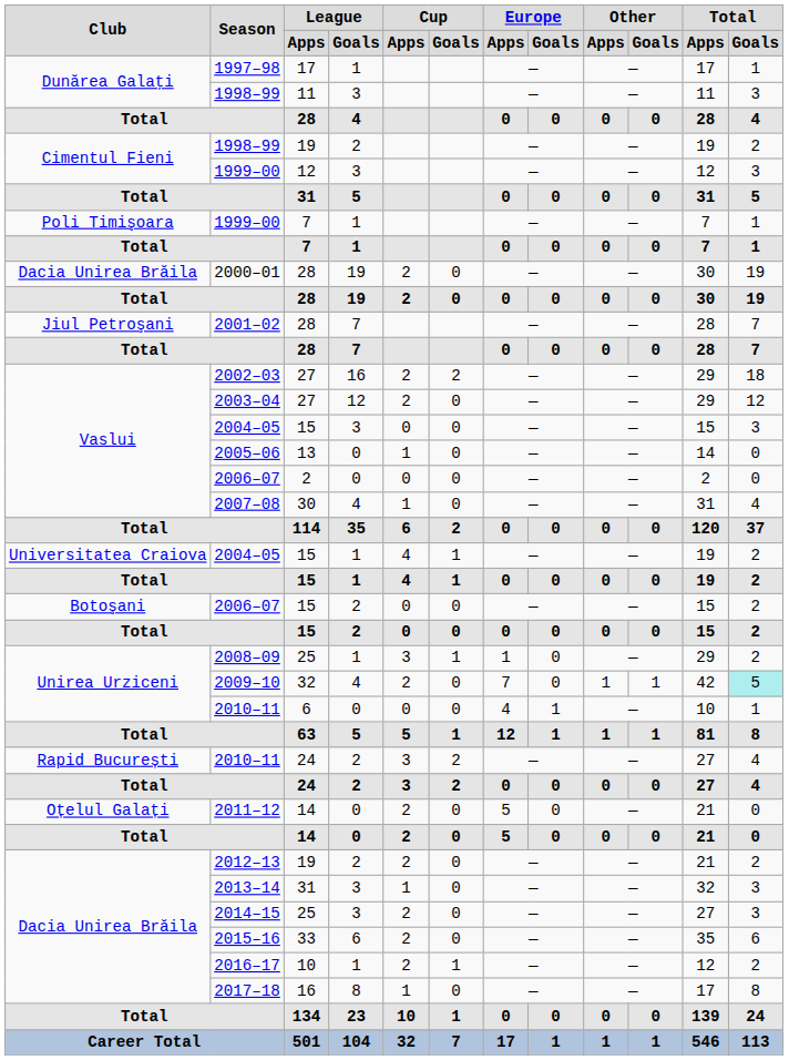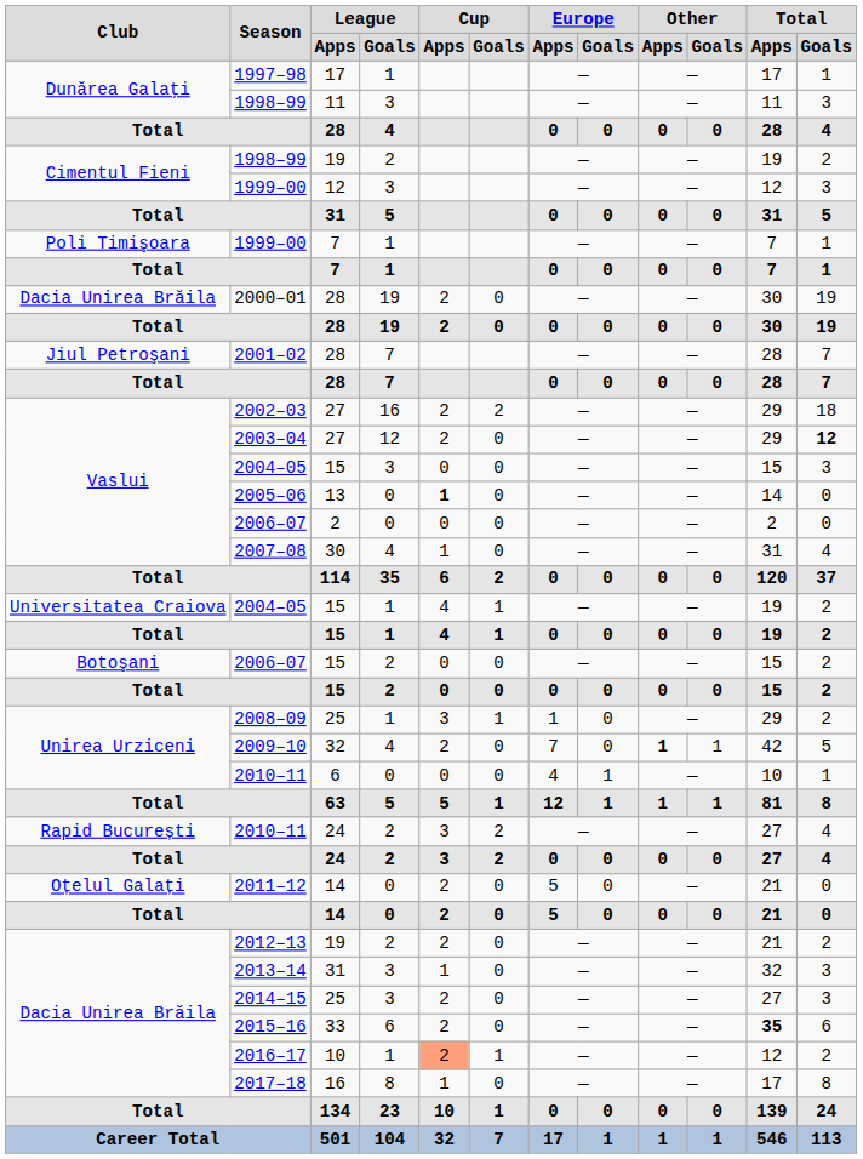 <table class="wikitable" style="text-align: center;">
 <tr>
 <th style="background: #DCDCDC; text-align: center" rowspan="2"><strong>Club</strong></th>
 <th style="background: #DCDCDC; text-align: center" rowspan="2"><strong>Season</strong></th>
 <th style="background: #DCDCDC; text-align: center" colspan="2"><strong>League</strong></th>
 <th style="background: #DCDCDC; text-align: center" colspan="2"><strong>Cup</strong></th>
 <th style="background: #DCDCDC; text-align: center" colspan="2"><a href='#'>Europe</a></th>
 <th style="background: #DCDCDC; text-align: center" colspan="2"><strong>Other</strong></th>
 <th style="background: #DCDCDC; text-align: center" colspan="3"><strong>Total</strong></th>
 </tr>
 <tr>
 <th style="background:#dcdcdc; text-align:center;">Apps</th>
 <th style="background:#dcdcdc; text-align:center;">Goals</th>
 <th style="background:#dcdcdc; text-align:center;">Apps</th>
 <th style="background:#dcdcdc; text-align:center;">Goals</th>
 <th style="background:#dcdcdc; text-align:center;">Apps</th>
 <th style="background:#dcdcdc; text-align:center;">Goals</th>
 <th style="background:#dcdcdc; text-align:center;">Apps</th>
 <th style="background:#dcdcdc; text-align:center;">Goals</th>
 <th style="background:#dcdcdc; text-align:center;">Apps</th>
 <th style="background:#dcdcdc; text-align:center;">Goals</th>
 </tr>
 <tr>
 <td rowspan="2"><a href='#'>Dunărea Galaţi</a></td>
 <td><a href='#'>1997–98</a></td>
 <td>17</td>
 <td>1</td>
 <td></td>
 <td></td>
 <td colspan="2">—</td>
 <td colspan="2">—</td>
 <td>17</td>
 <td>1</td>
 </tr>
 <tr>
 <td><a href='#'>1998–99</a></td>
 <td>11</td>
 <td>3</td>
 <td></td>
 <td></td>
 <td colspan="2">—</td>
 <td colspan="2">—</td>
 <td>11</td>
 <td>3</td>
 </tr>
 <tr>
 <th style="background: #E5E5E5; text-align: center" colspan="2">Total</th>
 <th style="background:#e5e5e5; text-align:center;">28</th>
 <th style="background:#e5e5e5; text-align:center;">4</th>
 <th style="background:#e5e5e5; text-align:center;"></th>
 <th style="background:#e5e5e5; text-align:center;"></th>
 <th style="background:#e5e5e5; text-align:center;">0</th>
 <th style="background:#e5e5e5; text-align:center;">0</th>
 <th style="background:#e5e5e5; text-align:center;">0</th>
 <th style="background:#e5e5e5; text-align:center;">0</th>
 <th style="background:#e5e5e5; text-align:center;">28</th>
 <th style="background:#e5e5e5; text-align:center;">4</th>
 </tr>
 <tr>
 <td rowspan="2"><a href='#'>Cimentul Fieni</a></td>
 <td><a href='#'>1998–99</a></td>
 <td>19</td>
 <td>2</td>
 <td></td>
 <td></td>
 <td colspan="2">—</td>
 <td colspan="2">—</td>
 <td>19</td>
 <td>2</td>
 </tr>
 <tr>
 <td><a href='#'>1999–00</a></td>
 <td>12</td>
 <td>3</td>
 <td></td>
 <td></td>
 <td colspan="2">—</td>
 <td colspan="2">—</td>
 <td>12</td>
 <td>3</td>
 </tr>
 <tr>
 <th style="background: #E5E5E5; text-align: center" colspan="2">Total</th>
 <th style="background:#e5e5e5; text-align:center;">31</th>
 <th style="background:#e5e5e5; text-align:center;">5</th>
 <th style="background:#e5e5e5; text-align:center;"></th>
 <th style="background:#e5e5e5; text-align:center;"></th>
 <th style="background:#e5e5e5; text-align:center;">0</th>
 <th style="background:#e5e5e5; text-align:center;">0</th>
 <th style="background:#e5e5e5; text-align:center;">0</th>
 <th style="background:#e5e5e5; text-align:center;">0</th>
 <th style="background:#e5e5e5; text-align:center;">31</th>
 <th style="background:#e5e5e5; text-align:center;">5</th>
 </tr>
 <tr>
 <td rowspan="1"><a href='#'>Poli Timişoara</a></td>
 <td><a href='#'>1999–00</a></td>
 <td>7</td>
 <td>1</td>
 <td></td>
 <td></td>
 <td colspan="2">—</td>
 <td colspan="2">—</td>
 <td>7</td>
 <td>1</td>
 </tr>
 <tr>
 <th style="background: #E5E5E5; text-align: center" colspan="2">Total</th>
 <th style="background:#e5e5e5; text-align:center;">7</th>
 <th style="background:#e5e5e5; text-align:center;">1</th>
 <th style="background:#e5e5e5; text-align:center;"></th>
 <th style="background:#e5e5e5; text-align:center;"></th>
 <th style="background:#e5e5e5; text-align:center;">0</th>
 <th style="background:#e5e5e5; text-align:center;">0</th>
 <th style="background:#e5e5e5; text-align:center;">0</th>
 <th style="background:#e5e5e5; text-align:center;">0</th>
 <th style="background:#e5e5e5; text-align:center;">7</th>
 <th style="background:#e5e5e5; text-align:center;">1</th>
 </tr>
 <tr>
 <td rowspan="1"><a href='#'>Dacia Unirea Brăila</a></td>
 <td>2000–01</td>
 <td>28</td>
 <td>19</td>
 <td>2</td>
 <td>0</td>
 <td colspan="2">—</td>
 <td colspan="2">—</td>
 <td>30</td>
 <td>19</td>
 </tr>
 <tr>
 <th style="background: #E5E5E5; text-align: center" colspan="2">Total</th>
 <th style="background:#e5e5e5; text-align:center;">28</th>
 <th style="background:#e5e5e5; text-align:center;">19</th>
 <th style="background:#e5e5e5; text-align:center;">2</th>
 <th style="background:#e5e5e5; text-align:center;">0</th>
 <th style="background:#e5e5e5; text-align:center;">0</th>
 <th style="background:#e5e5e5; text-align:center;">0</th>
 <th style="background:#e5e5e5; text-align:center;">0</th>
 <th style="background:#e5e5e5; text-align:center;">0</th>
 <th style="background:#e5e5e5; text-align:center;">30</th>
 <th style="background:#e5e5e5; text-align:center;">19</th>
 </tr>
 <tr>
 <td rowspan="1"><a href='#'>Jiul Petroşani</a></td>
 <td><a href='#'>2001–02</a></td>
 <td>28</td>
 <td>7</td>
 <td></td>
 <td></td>
 <td colspan="2">—</td>
 <td colspan="2">—</td>
 <td>28</td>
 <td>7</td>
 </tr>
 <tr>
 <th style="background: #E5E5E5; text-align: center" colspan="2">Total</th>
 <th style="background:#e5e5e5; text-align:center;">28</th>
 <th style="background:#e5e5e5; text-align:center;">7</th>
 <th style="background:#e5e5e5; text-align:center;"></th>
 <th style="background:#e5e5e5; text-align:center;"></th>
 <th style="background:#e5e5e5; text-align:center;">0</th>
 <th style="background:#e5e5e5; text-align:center;">0</th>
 <th style="background:#e5e5e5; text-align:center;">0</th>
 <th style="background:#e5e5e5; text-align:center;">0</th>
 <th style="background:#e5e5e5; text-align:center;">28</th>
 <th style="background:#e5e5e5; text-align:center;">7</th>
 </tr>
 <tr>
 <td rowspan="6"><a href='#'>Vaslui</a></td>
 <td><a href='#'>2002–03</a></td>
 <td>27</td>
 <td>16</td>
 <td>2</td>
 <td>2</td>
 <td colspan="2">—</td>
 <td colspan="2">—</td>
 <td>29</td>
 <td>18</td>
 </tr>
 <tr>
 <td><a href='#'>2003–04</a></td>
 <td>27</td>
 <td>12</td>
 <td>2</td>
 <td>0</td>
 <td colspan="2">—</td>
 <td colspan="2">—</td>
 <td>29</td>
-<td>12</td>
+<td><strong>12</strong></td>
 </tr>
 <tr>
 <td><a href='#'>2004–05</a></td>
 <td>15</td>
 <td>3</td>
 <td>0</td>
 <td>0</td>
 <td colspan="2">—</td>
 <td colspan="2">—</td>
 <td>15</td>
 <td>3</td>
 </tr>
 <tr>
 <td><a href='#'>2005–06</a></td>
 <td>13</td>
 <td>0</td>
-<td>1</td>
+<td><strong>1</strong></td>
 <td>0</td>
 <td colspan="2">—</td>
 <td colspan="2">—</td>
 <td>14</td>
 <td>0</td>
 </tr>
 <tr>
 <td><a href='#'>2006–07</a></td>
 <td>2</td>
 <td>0</td>
 <td>0</td>
 <td>0</td>
 <td colspan="2">—</td>
 <td colspan="2">—</td>
 <td>2</td>
 <td>0</td>
 </tr>
 <tr>
 <td><a href='#'>2007–08</a></td>
 <td>30</td>
 <td>4</td>
 <td>1</td>
 <td>0</td>
 <td colspan="2">—</td>
 <td colspan="2">—</td>
 <td>31</td>
 <td>4</td>
 </tr>
 <tr>
 <th style="background: #E5E5E5; text-align: center" colspan="2">Total</th>
 <th style="background:#e5e5e5; text-align:center;">114</th>
 <th style="background:#e5e5e5; text-align:center;">35</th>
 <th style="background:#e5e5e5; text-align:center;">6</th>
 <th style="background:#e5e5e5; text-align:center;">2</th>
 <th style="background:#e5e5e5; text-align:center;">0</th>
 <th style="background:#e5e5e5; text-align:center;">0</th>
 <th style="background:#e5e5e5; text-align:center;">0</th>
 <th style="background:#e5e5e5; text-align:center;">0</th>
 <th style="background:#e5e5e5; text-align:center;">120</th>
 <th style="background:#e5e5e5; text-align:center;">37</th>
 </tr>
 <tr>
 <td rowspan="1"><a href='#'>Universitatea Craiova</a></td>
 <td><a href='#'>2004–05</a></td>
 <td>15</td>
 <td>1</td>
 <td>4</td>
 <td>1</td>
 <td colspan="2">—</td>
 <td colspan="2">—</td>
 <td>19</td>
 <td>2</td>
 </tr>
 <tr>
 <th style="background: #E5E5E5; text-align: center" colspan="2">Total</th>
 <th style="background:#e5e5e5; text-align:center;">15</th>
 <th style="background:#e5e5e5; text-align:center;">1</th>
 <th style="background:#e5e5e5; text-align:center;">4</th>
 <th style="background:#e5e5e5; text-align:center;">1</th>
 <th style="background:#e5e5e5; text-align:center;">0</th>
 <th style="background:#e5e5e5; text-align:center;">0</th>
 <th style="background:#e5e5e5; text-align:center;">0</th>
 <th style="background:#e5e5e5; text-align:center;">0</th>
 <th style="background:#e5e5e5; text-align:center;">19</th>
 <th style="background:#e5e5e5; text-align:center;">2</th>
 </tr>
 <tr>
 <td rowspan="1"><a href='#'>Botoşani</a></td>
 <td><a href='#'>2006–07</a></td>
 <td>15</td>
 <td>2</td>
 <td>0</td>
 <td>0</td>
 <td colspan="2">—</td>
 <td colspan="2">—</td>
 <td>15</td>
 <td>2</td>
 </tr>
 <tr>
 <th style="background: #E5E5E5; text-align: center" colspan="2">Total</th>
 <th style="background:#e5e5e5; text-align:center;">15</th>
 <th style="background:#e5e5e5; text-align:center;">2</th>
 <th style="background:#e5e5e5; text-align:center;">0</th>
 <th style="background:#e5e5e5; text-align:center;">0</th>
 <th style="background:#e5e5e5; text-align:center;">0</th>
 <th style="background:#e5e5e5; text-align:center;">0</th>
 <th style="background:#e5e5e5; text-align:center;">0</th>
 <th style="background:#e5e5e5; text-align:center;">0</th>
 <th style="background:#e5e5e5; text-align:center;">15</th>
 <th style="background:#e5e5e5; text-align:center;">2</th>
 </tr>
 <tr>
 <td rowspan="3"><a href='#'>Unirea Urziceni</a></td>
 <td><a href='#'>2008–09</a></td>
 <td>25</td>
 <td>1</td>
 <td>3</td>
 <td>1</td>
 <td>1</td>
 <td>0</td>
 <td colspan="2">—</td>
 <td>29</td>
 <td>2</td>
 </tr>
 <tr>
 <td><a href='#'>2009–10</a></td>
 <td>32</td>
 <td>4</td>
 <td>2</td>
 <td>0</td>
 <td>7</td>
 <td>0</td>
-<td>1</td>
+<td><strong>1</strong></td>
 <td>1</td>
 <td>42</td>
-<td style="background: paleturquoise;">5</td>
+<td>5</td>
 </tr>
 <tr>
 <td><a href='#'>2010–11</a></td>
 <td>6</td>
 <td>0</td>
 <td>0</td>
 <td>0</td>
 <td>4</td>
 <td>1</td>
 <td colspan="2">—</td>
 <td>10</td>
 <td>1</td>
 </tr>
 <tr>
 <th style="background: #E5E5E5; text-align: center" colspan="2">Total</th>
 <th style="background:#e5e5e5; text-align:center;">63</th>
 <th style="background:#e5e5e5; text-align:center;">5</th>
 <th style="background:#e5e5e5; text-align:center;">5</th>
 <th style="background:#e5e5e5; text-align:center;">1</th>
 <th style="background:#e5e5e5; text-align:center;">12</th>
 <th style="background:#e5e5e5; text-align:center;">1</th>
 <th style="background:#e5e5e5; text-align:center;">1</th>
 <th style="background:#e5e5e5; text-align:center;">1</th>
 <th style="background:#e5e5e5; text-align:center;">81</th>
 <th style="background:#e5e5e5; text-align:center;">8</th>
 </tr>
 <tr>
 <td rowspan="1"><a href='#'>Rapid București</a></td>
 <td><a href='#'>2010–11</a></td>
 <td>24</td>
 <td>2</td>
 <td>3</td>
 <td>2</td>
 <td colspan="2">—</td>
 <td colspan="2">—</td>
 <td>27</td>
 <td>4</td>
 </tr>
 <tr>
 <th style="background: #E5E5E5; text-align: center" colspan="2">Total</th>
 <th style="background:#e5e5e5; text-align:center;">24</th>
 <th style="background:#e5e5e5; text-align:center;">2</th>
 <th style="background:#e5e5e5; text-align:center;">3</th>
 <th style="background:#e5e5e5; text-align:center;">2</th>
 <th style="background:#e5e5e5; text-align:center;">0</th>
 <th style="background:#e5e5e5; text-align:center;">0</th>
 <th style="background:#e5e5e5; text-align:center;">0</th>
 <th style="background:#e5e5e5; text-align:center;">0</th>
 <th style="background:#e5e5e5; text-align:center;">27</th>
 <th style="background:#e5e5e5; text-align:center;">4</th>
 </tr>
 <tr>
 <td rowspan="1"><a href='#'>Oțelul Galați</a></td>
 <td><a href='#'>2011–12</a></td>
 <td>14</td>
 <td>0</td>
 <td>2</td>
 <td>0</td>
 <td>5</td>
 <td>0</td>
 <td colspan="2">—</td>
 <td>21</td>
 <td>0</td>
 </tr>
 <tr>
 <th style="background: #E5E5E5; text-align: center" colspan="2">Total</th>
 <th style="background:#e5e5e5; text-align:center;">14</th>
 <th style="background:#e5e5e5; text-align:center;">0</th>
 <th style="background:#e5e5e5; text-align:center;">2</th>
 <th style="background:#e5e5e5; text-align:center;">0</th>
 <th style="background:#e5e5e5; text-align:center;">5</th>
 <th style="background:#e5e5e5; text-align:center;">0</th>
 <th style="background:#e5e5e5; text-align:center;">0</th>
 <th style="background:#e5e5e5; text-align:center;">0</th>
 <th style="background:#e5e5e5; text-align:center;">21</th>
 <th style="background:#e5e5e5; text-align:center;">0</th>
 </tr>
 <tr>
 <td rowspan="6"><a href='#'>Dacia Unirea Brăila</a></td>
 <td><a href='#'>2012–13</a></td>
 <td>19</td>
 <td>2</td>
 <td>2</td>
 <td>0</td>
 <td colspan="2">—</td>
 <td colspan="2">—</td>
 <td>21</td>
 <td>2</td>
 </tr>
 <tr>
 <td><a href='#'>2013–14</a></td>
 <td>31</td>
 <td>3</td>
 <td>1</td>
 <td>0</td>
 <td colspan="2">—</td>
 <td colspan="2">—</td>
 <td>32</td>
 <td>3</td>
 </tr>
 <tr>
 <td><a href='#'>2014–15</a></td>
 <td>25</td>
 <td>3</td>
 <td>2</td>
 <td>0</td>
 <td colspan="2">—</td>
 <td colspan="2">—</td>
 <td>27</td>
 <td>3</td>
 </tr>
 <tr>
 <td><a href='#'>2015–16</a></td>
 <td>33</td>
 <td>6</td>
 <td>2</td>
 <td>0</td>
 <td colspan="2">—</td>
 <td colspan="2">—</td>
-<td>35</td>
+<td><strong>35</strong></td>
 <td>6</td>
 </tr>
 <tr>
 <td><a href='#'>2016–17</a></td>
 <td>10</td>
 <td>1</td>
-<td>2</td>
+<td style="background: lightsalmon;">2</td>
 <td>1</td>
 <td colspan="2">—</td>
 <td colspan="2">—</td>
 <td>12</td>
 <td>2</td>
 </tr>
 <tr>
 <td><a href='#'>2017–18</a></td>
 <td>16</td>
 <td>8</td>
 <td>1</td>
 <td>0</td>
 <td colspan="2">—</td>
 <td colspan="2">—</td>
 <td>17</td>
 <td>8</td>
 </tr>
 <tr>
 <th style="background: #E5E5E5; text-align: center" colspan="2">Total</th>
 <th style="background:#e5e5e5; text-align:center;">134</th>
 <th style="background:#e5e5e5; text-align:center;">23</th>
 <th style="background:#e5e5e5; text-align:center;">10</th>
 <th style="background:#e5e5e5; text-align:center;">1</th>
 <th style="background:#e5e5e5; text-align:center;">0</th>
 <th style="background:#e5e5e5; text-align:center;">0</th>
 <th style="background:#e5e5e5; text-align:center;">0</th>
 <th style="background:#e5e5e5; text-align:center;">0</th>
 <th style="background:#e5e5e5; text-align:center;">139</th>
 <th style="background:#e5e5e5; text-align:center;">24</th>
 </tr>
 <tr>
 <th style="background: #b0c4de; text-align: center" colspan="2"><strong>Career Total</strong></th>
 <th style="background:#b0c4de; text-align:center;">501</th>
 <th style="background:#b0c4de; text-align:center;">104</th>
 <th style="background:#b0c4de; text-align:center;">32</th>
 <th style="background:#b0c4de; text-align:center;">7</th>
 <th style="background:#b0c4de; text-align:center;">17</th>
 <th style="background:#b0c4de; text-align:center;">1</th>
 <th style="background:#b0c4de; text-align:center;">1</th>
 <th style="background:#b0c4de; text-align:center;">1</th>
 <th style="background:#b0c4de; text-align:center;">546</th>
 <th style="background:#b0c4de; text-align:center;">113</th>
 </tr>
 </table>
